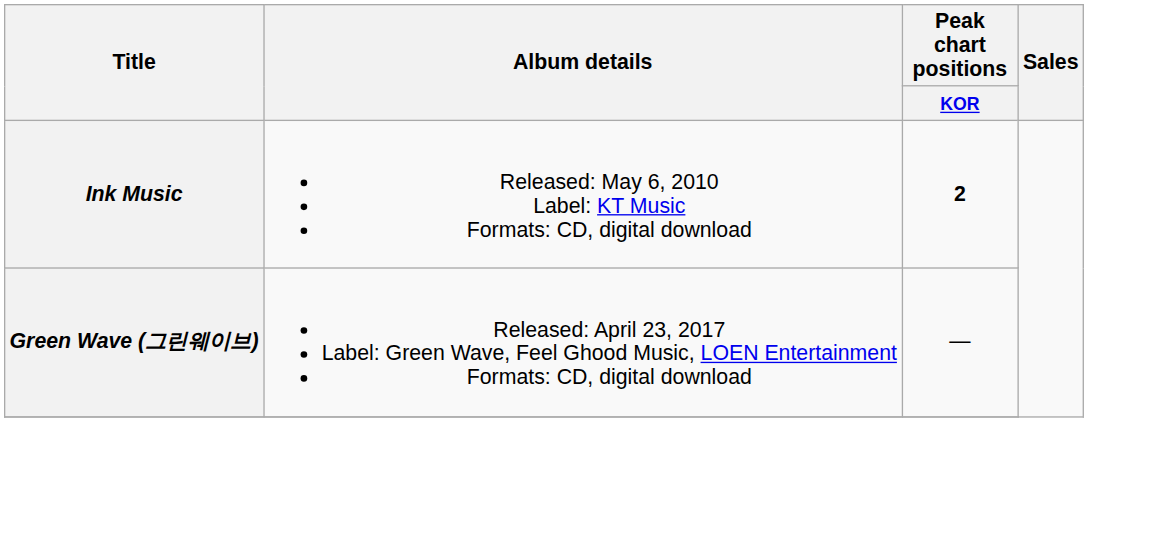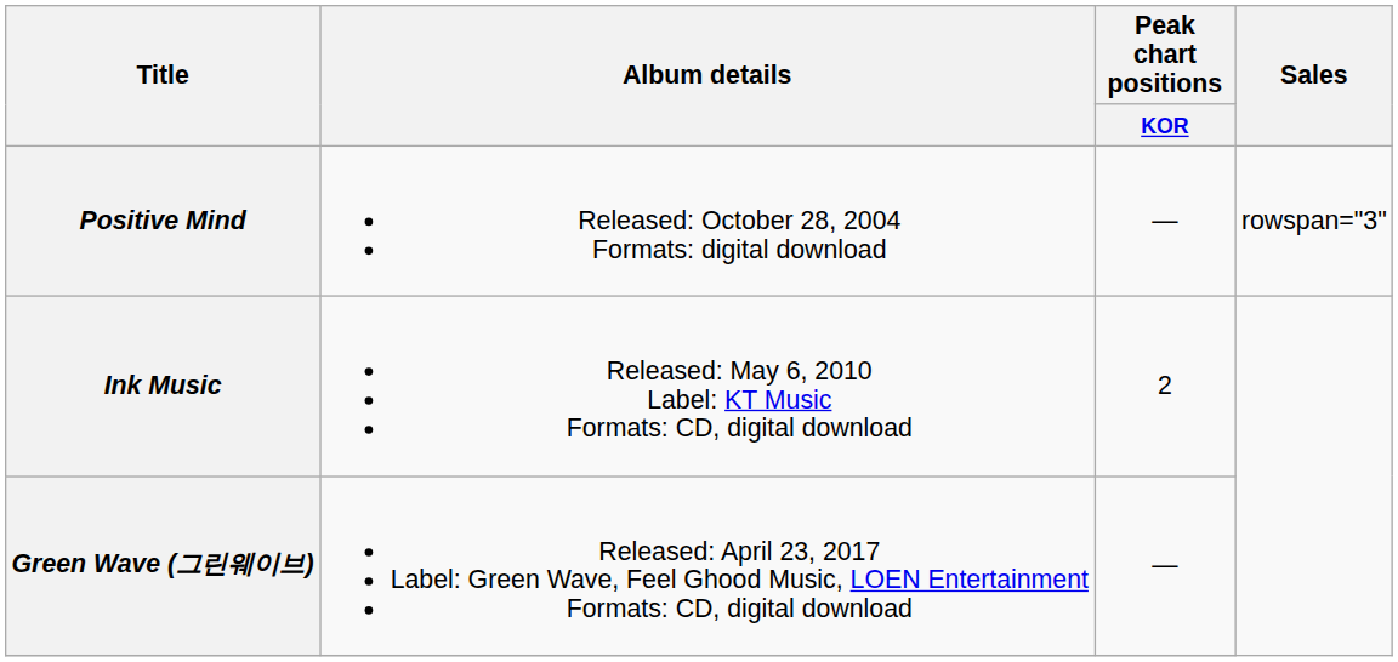 <table class="wikitable plainrowheaders" style="text-align:center;">
 <tr>
 <th scope="col" rowspan="2">Title</th>
 <th scope="col" rowspan="2">Album details</th>
 <th scope="col" colspan="1" style="width:5em;">Peak chart positions</th>
 <th scope="col" rowspan="2">Sales</th>
 </tr>
 <tr>
 <th><small><a href='#'>KOR</a></small><br></th>
 </tr>
 <tr>
+<th scope="row"><em>Positive Mind</em></th>
+<td><br><ul><li>Released: October 28, 2004</li><li>Formats: digital download</li></ul></td>
+<td>—</td>
+<td>rowspan="3" </td>
+</tr>
+<tr>
 <th scope="row"><em>Ink Music</em></th>
 <td><br><ul><li>Released: May 6, 2010</li><li>Label: <a href='#'>KT Music</a></li><li>Formats: CD, digital download</li></ul></td>
-<td><strong>2</strong></td>
+<td>2</td>
 </tr>
 <tr>
 <th scope="row"><em>Green Wave (그린웨이브)</em></th>
 <td><br><ul><li>Released: April 23, 2017</li><li>Label: Green Wave, Feel Ghood Music, <a href='#'>LOEN Entertainment</a></li><li>Formats: CD, digital download</li></ul></td>
 <td>—</td>
 </tr>
 <tr>
 </tr>
 </table>
